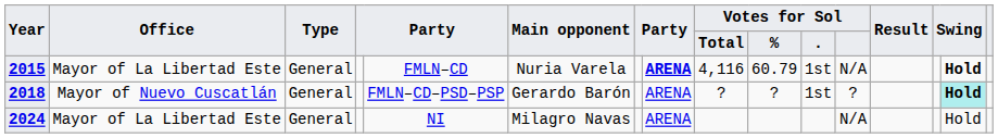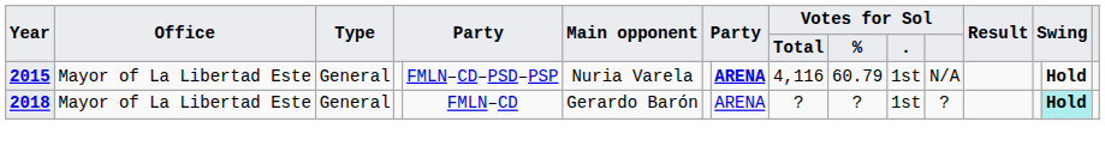 <table class="wikitable" style="font-size:90%; text-align:center;">
 <tr>
 <th style="background-color:#EAECF0;" rowspan="2">Year</th>
 <th style="background-color:#EAECF0;" rowspan="2">Office</th>
 <th style="background-color:#EAECF0;" rowspan="2">Type</th>
 <th style="background-color:#EAECF0;" colspan="2" rowspan="2">Party</th>
 <th style="background-color:#EAECF0;" rowspan="2">Main opponent</th>
 <th style="background-color:#EAECF0;" colspan="2" rowspan="2">Party</th>
 <th style="background-color:#EAECF0;" colspan="4">Votes for Sol</th>
 <th style="background-color:#EAECF0;" rowspan="2">Result</th>
 <th style="background-color:#EAECF0;" colspan="2" rowspan="2">Swing</th>
 <th style="background-color:#EAECF0;" rowspan="2"></th>
 </tr>
 <tr>
 <th style="background-color:#EAECF0;">Total</th>
 <th style="background-color:#EAECF0;">%</th>
 <th style="background-color:#EAECF0;">.</th>
 <th style="background-color:#EAECF0;"></th>
 </tr>
 <tr>
 <th style="background-color:#EAECF0;"><a href='#'>2015</a></th>
 <td>Mayor of La Libertad Este</td>
 <td>General</td>
 <td style="background-color:"></td>
-<td><a href='#'>FMLN</a>–<a href='#'>CD</a></td>
+<td><a href='#'>FMLN</a>–<a href='#'>CD</a>–<a href='#'>PSD</a>–<a href='#'>PSP</a></td>
 <td>Nuria Varela</td>
 <td style="background-color:"></td>
 <td><strong><a href='#'>ARENA</a></strong></td>
 <td>4,116</td>
 <td>60.79</td>
 <td>1st</td>
 <td>N/A</td>
 <td></td>
 <td style="background-color:"></td>
 <td><strong>Hold</strong></td>
 <td></td>
 </tr>
 <tr>
 <th style="background-color:#EAECF0;"><a href='#'>2018</a></th>
-<td>Mayor of <a href='#'>Nuevo Cuscatlán</a></td>
+<td>Mayor of La Libertad Este</td>
 <td>General</td>
 <td style="background-color:"></td>
-<td><a href='#'>FMLN</a>–<a href='#'>CD</a>–<a href='#'>PSD</a>–<a href='#'>PSP</a></td>
+<td><a href='#'>FMLN</a>–<a href='#'>CD</a></td>
 <td>Gerardo Barón</td>
 <td style="background-color:"></td>
 <td><a href='#'>ARENA</a></td>
 <td>?</td>
 <td>?</td>
 <td>1st</td>
 <td>?</td>
 <td></td>
 <td style="background-color:"></td>
 <td style="background: paleturquoise;"><strong>Hold</strong></td>
 <td></td>
 </tr>
-<tr>
-<th style="background-color:#EAECF0;"><a href='#'>2024</a></th>
-<td>Mayor of La Libertad Este</td>
-<td>General</td>
-<td style="background-color:"></td>
-<td><a href='#'>NI</a></td>
-<td>Milagro Navas</td>
-<td style="background-color:"></td>
-<td><a href='#'>ARENA</a></td>
-<td></td>
-<td></td>
-<td></td>
-<td>N/A</td>
-<td></td>
-<td style="background-color:"></td>
-<td>Hold</td>
-<td></td>
-</tr>
 </table>
